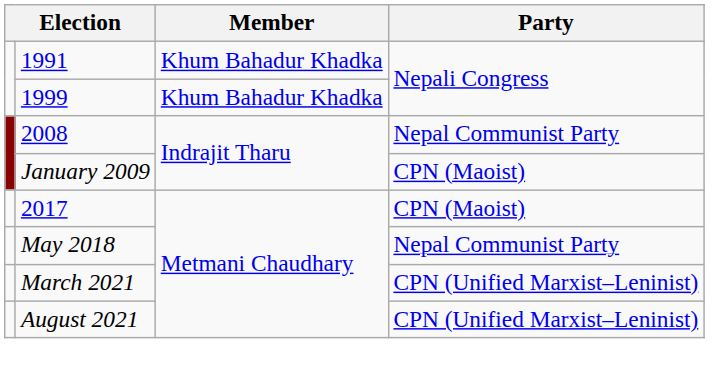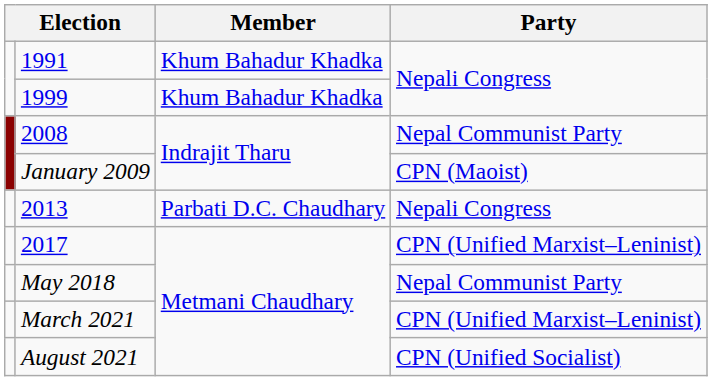 <table class="wikitable">
 <tr>
 <th colspan="2">Election</th>
 <th>Member</th>
 <th>Party</th>
 </tr>
 <tr>
 <td rowspan="2" style="background-color:"></td>
 <td><a href='#'>1991</a></td>
 <td><a href='#'>Khum Bahadur Khadka</a></td>
 <td rowspan="2"><a href='#'>Nepali Congress</a></td>
 </tr>
 <tr>
 <td><a href='#'>1999</a></td>
 <td><a href='#'>Khum Bahadur Khadka</a></td>
 </tr>
 <tr>
 <td rowspan="2" style="background-color:darkred"></td>
 <td><a href='#'>2008</a></td>
 <td rowspan="2"><a href='#'>Indrajit Tharu</a></td>
 <td><a href='#'>Nepal Communist Party</a></td>
 </tr>
 <tr>
 <td><em>January 2009</em></td>
 <td><a href='#'>CPN (Maoist)</a></td>
 </tr>
 <tr>
 <td style="background-color:"></td>
+<td><a href='#'>2013</a></td>
+<td><a href='#'>Parbati D.C. Chaudhary</a></td>
+<td><a href='#'>Nepali Congress</a></td>
+</tr>
+<tr>
+<td style="background-color:"></td>
 <td><a href='#'>2017</a></td>
 <td rowspan="4"><a href='#'>Metmani Chaudhary</a></td>
-<td><a href='#'>CPN (Maoist)</a></td>
+<td><a href='#'>CPN (Unified Marxist–Leninist)</a></td>
 </tr>
 <tr>
 <td style="background-color:"></td>
 <td><em>May 2018</em></td>
 <td><a href='#'>Nepal Communist Party</a></td>
 </tr>
 <tr>
 <td style="background-color:"></td>
 <td><em>March 2021</em></td>
 <td><a href='#'>CPN (Unified Marxist–Leninist)</a></td>
 </tr>
 <tr>
 <td style="background-color:"></td>
 <td><em>August 2021</em></td>
-<td><a href='#'>CPN (Unified Marxist–Leninist)</a></td>
+<td><a href='#'>CPN (Unified Socialist)</a></td>
 </tr>
 </table>
